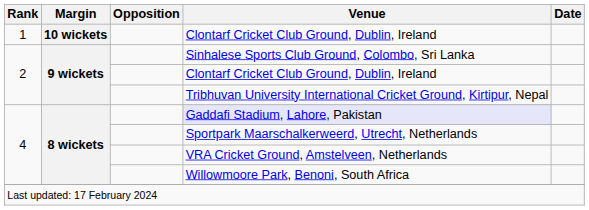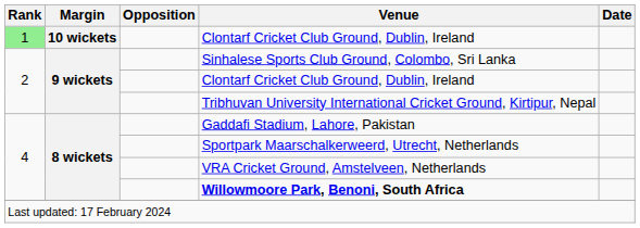 <table class="wikitable plainrowheaders sortable">
 <tr>
 <th scope=col>Rank</th>
 <th scope=col>Margin</th>
 <th scope=col>Opposition</th>
 <th scope=col>Venue</th>
 <th scope=col>Date</th>
 </tr>
 <tr>
-<td align=center>1</td>
+<td align=center style="background: lightgreen;">1</td>
 <th scope=row style=text-align:center>10 wickets</th>
 <td></td>
 <td><a href='#'>Clontarf Cricket Club Ground</a>, <a href='#'>Dublin</a>, Ireland</td>
 <td></td>
 </tr>
 <tr>
 <td align=center rowspan=3>2</td>
 <th scope=row style=text-align:center rowspan=3>9 wickets</th>
 <td></td>
 <td><a href='#'>Sinhalese Sports Club Ground</a>, <a href='#'>Colombo</a>, Sri Lanka</td>
 <td></td>
 </tr>
 <tr>
 <td></td>
 <td><a href='#'>Clontarf Cricket Club Ground</a>, <a href='#'>Dublin</a>, Ireland</td>
 <td></td>
 </tr>
 <tr>
 <td></td>
 <td><a href='#'>Tribhuvan University International Cricket Ground</a>, <a href='#'>Kirtipur</a>, Nepal</td>
 <td></td>
 </tr>
 <tr>
 <td rowspan="4" align="center">4</td>
 <th rowspan="4" scope="row" style="text-align:center">8 wickets</th>
 <td></td>
-<td style="background: lavender;"><a href='#'>Gaddafi Stadium</a>, <a href='#'>Lahore</a>, Pakistan</td>
+<td><a href='#'>Gaddafi Stadium</a>, <a href='#'>Lahore</a>, Pakistan</td>
 <td> </td>
 </tr>
 <tr>
 <td></td>
 <td><a href='#'>Sportpark Maarschalkerweerd</a>, <a href='#'>Utrecht</a>, Netherlands</td>
 <td></td>
 </tr>
 <tr>
 <td></td>
 <td><a href='#'>VRA Cricket Ground</a>, <a href='#'>Amstelveen</a>, Netherlands</td>
 <td></td>
 </tr>
 <tr>
 <td></td>
-<td><a href='#'>Willowmoore Park</a>, <a href='#'>Benoni</a>, South Africa</td>
+<td><strong><a href='#'>Willowmoore Park</a>, <a href='#'>Benoni</a>, South Africa</strong></td>
 <td></td>
 </tr>
 <tr>
 </tr>
 <tr class=sortbottom>
 <td colspan=5><small>Last updated: 17 February 2024</small></td>
 </tr>
 </table>
